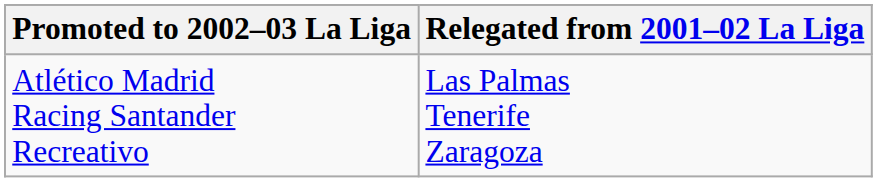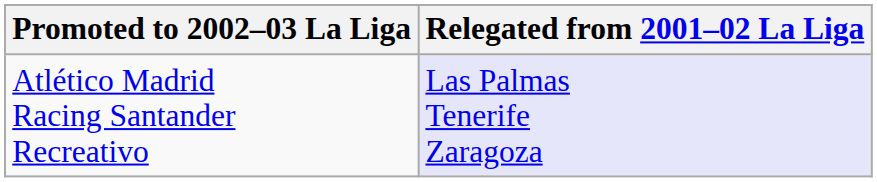 <table class="wikitable">
 <tr>
 <th> Promoted to 2002–03 La Liga</th>
 <th> Relegated from <a href='#'>2001–02 La Liga</a></th>
 </tr>
 <tr>
 <td><a href='#'>Atlético Madrid</a><br><a href='#'>Racing Santander</a><br><a href='#'>Recreativo</a></td>
-<td><a href='#'>Las Palmas</a><br><a href='#'>Tenerife</a><br><a href='#'>Zaragoza</a></td>
+<td style="background: lavender;"><a href='#'>Las Palmas</a><br><a href='#'>Tenerife</a><br><a href='#'>Zaragoza</a></td>
 </tr>
 </table>
